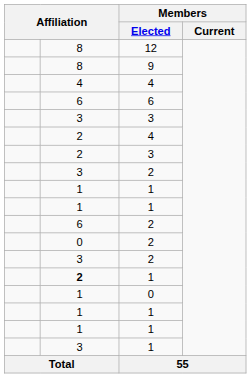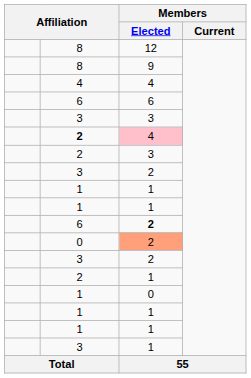 <table class="wikitable" border="1" style="font-size: 95%; text-align: center;">
 <tr>
 <th colspan="2" rowspan="2" class=unsortable style="text-align: center; vertical-align: middle; width: 150px;">Affiliation</th>
 <th colspan="2" style="vertical-align: top;">Members</th>
 </tr>
 <tr>
 <th data-sort-type=number style="width: 80px;"><a href='#'>Elected</a></th>
 <th style="width: 80px;">Current</th>
 </tr>
 <tr>
 <td></td>
 <td>8</td>
 <td>12</td>
 </tr>
 <tr>
 <td></td>
 <td>8</td>
 <td>9</td>
 </tr>
 <tr>
 <td></td>
 <td>4</td>
 <td>4</td>
 </tr>
 <tr>
 <td></td>
 <td>6</td>
 <td>6</td>
 </tr>
 <tr>
 <td></td>
 <td>3</td>
 <td>3</td>
 </tr>
 <tr>
 <td></td>
-<td>2</td>
-<td>4</td>
+<td><strong>2</strong></td>
+<td style="background: pink;">4</td>
 </tr>
 <tr>
 <td></td>
 <td>2</td>
 <td>3</td>
 </tr>
 <tr>
 <td></td>
 <td>3</td>
 <td>2</td>
 </tr>
 <tr>
 <td></td>
 <td>1</td>
 <td>1</td>
 </tr>
 <tr>
 <td></td>
 <td>1</td>
 <td>1</td>
 </tr>
 <tr>
 <td></td>
 <td>6</td>
-<td>2</td>
+<td><strong>2</strong></td>
 </tr>
 <tr>
 <td></td>
 <td>0</td>
-<td>2</td>
+<td style="background: lightsalmon;">2</td>
 </tr>
 <tr>
 <td></td>
 <td>3</td>
 <td>2</td>
 </tr>
 <tr>
 <td></td>
-<td><strong>2</strong></td>
+<td>2</td>
 <td>1</td>
 </tr>
 <tr>
 <td></td>
 <td>1</td>
 <td>0</td>
 </tr>
 <tr>
 <td></td>
 <td>1</td>
 <td>1</td>
 </tr>
 <tr>
 <td></td>
 <td>1</td>
 <td>1</td>
 </tr>
 <tr>
 <td></td>
 <td>3</td>
 <td>1</td>
 </tr>
 <tr>
 <th colspan="2">Total</th>
 <th colspan="2">55</th>
 </tr>
 </table>
